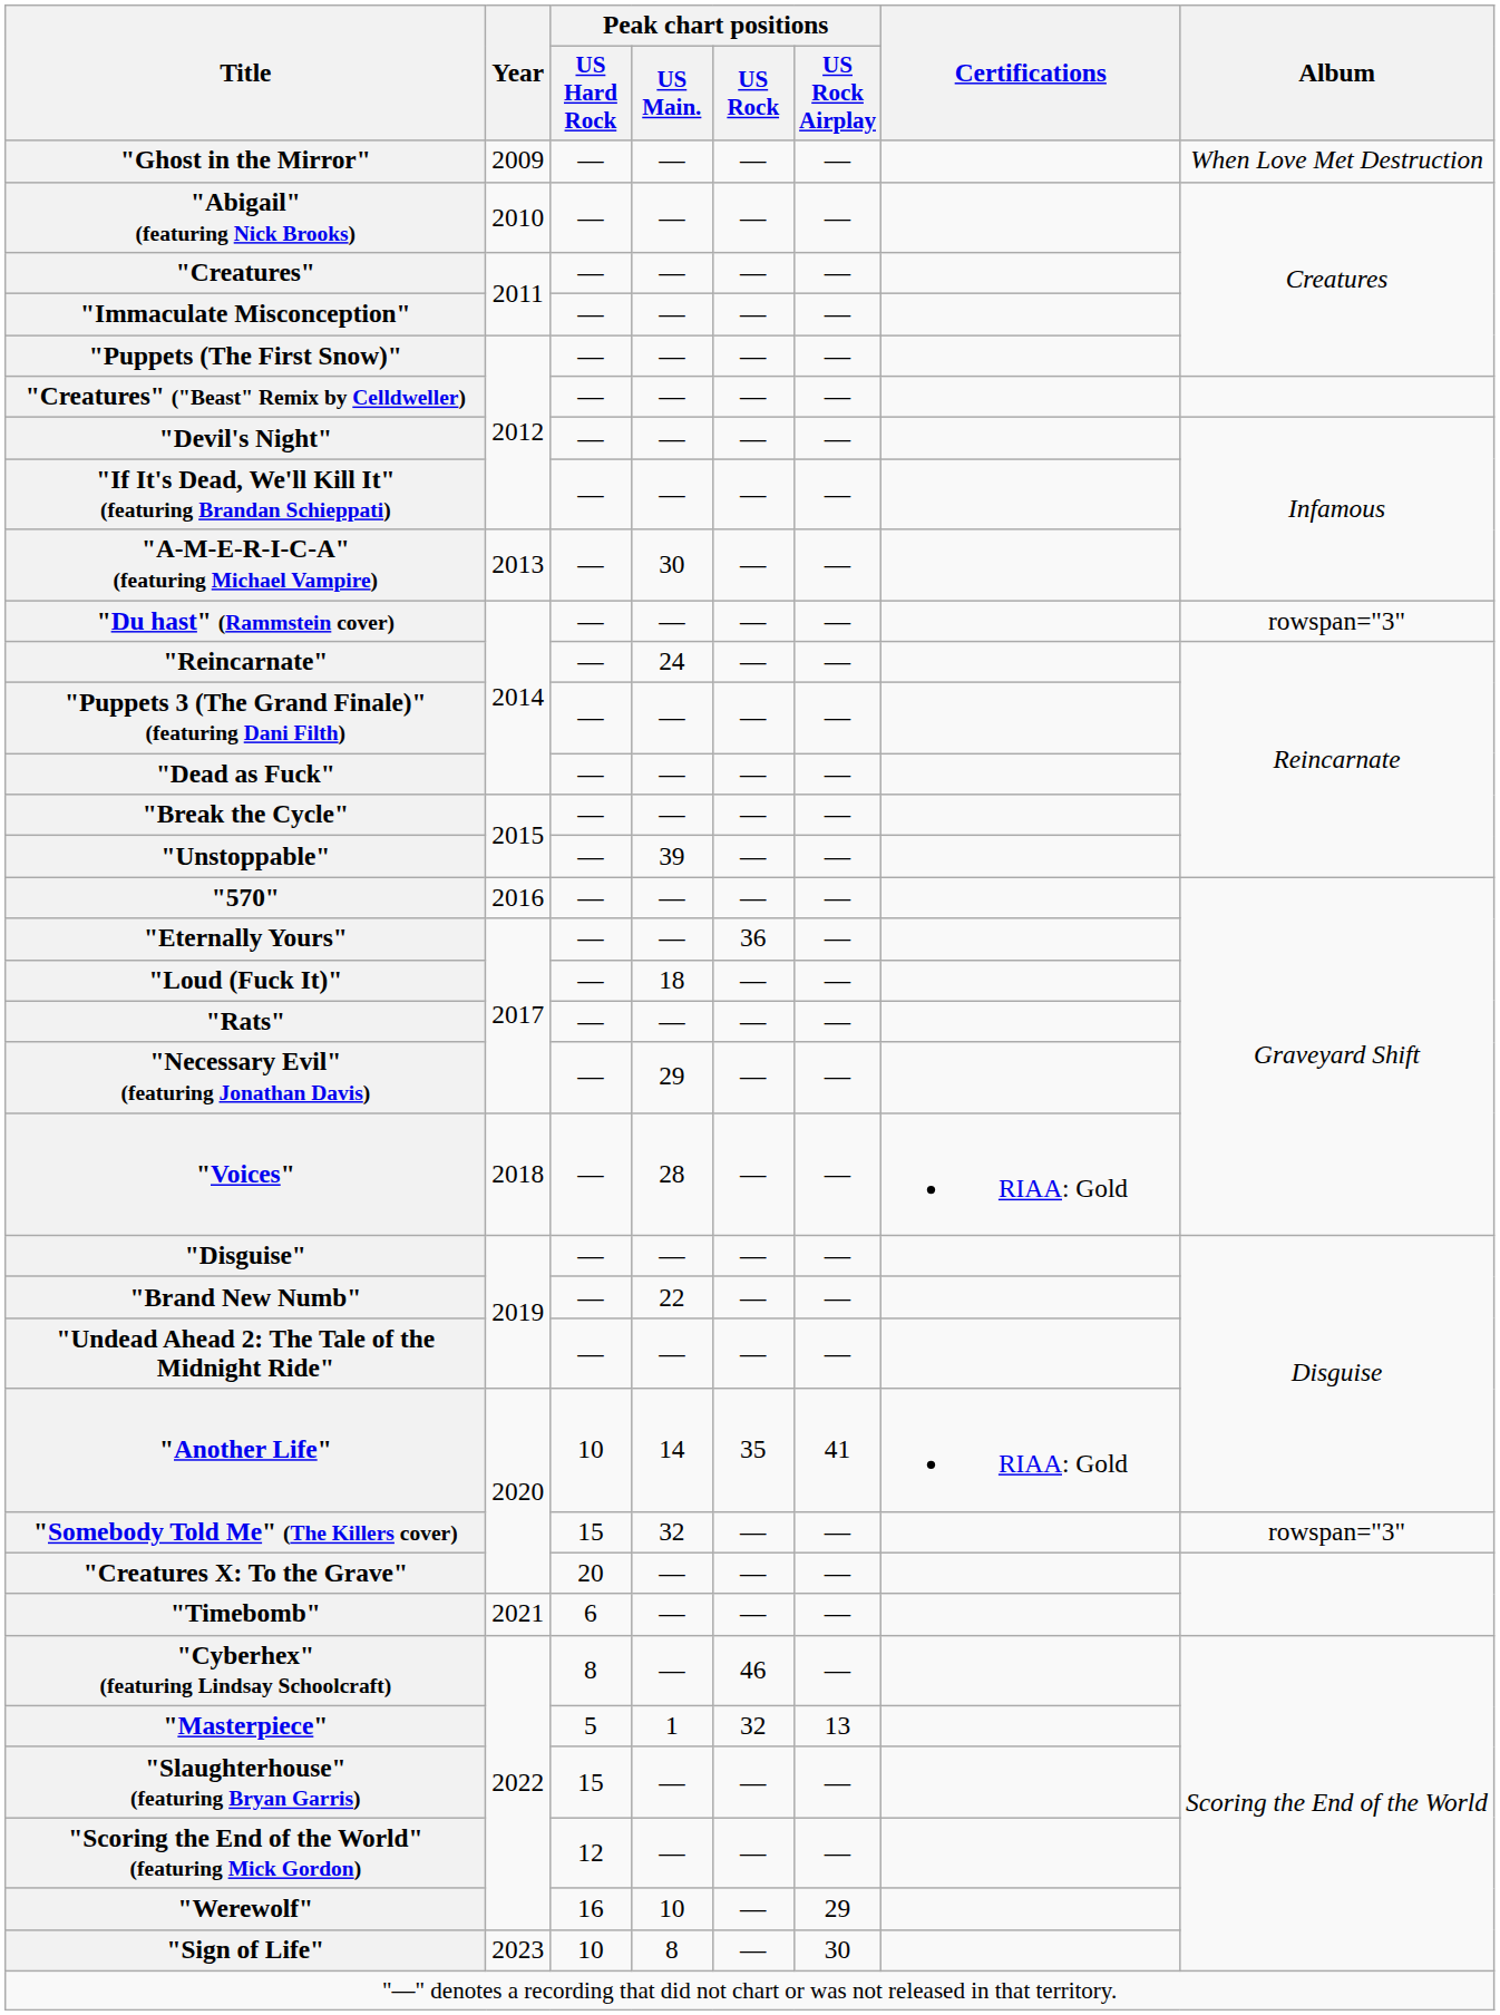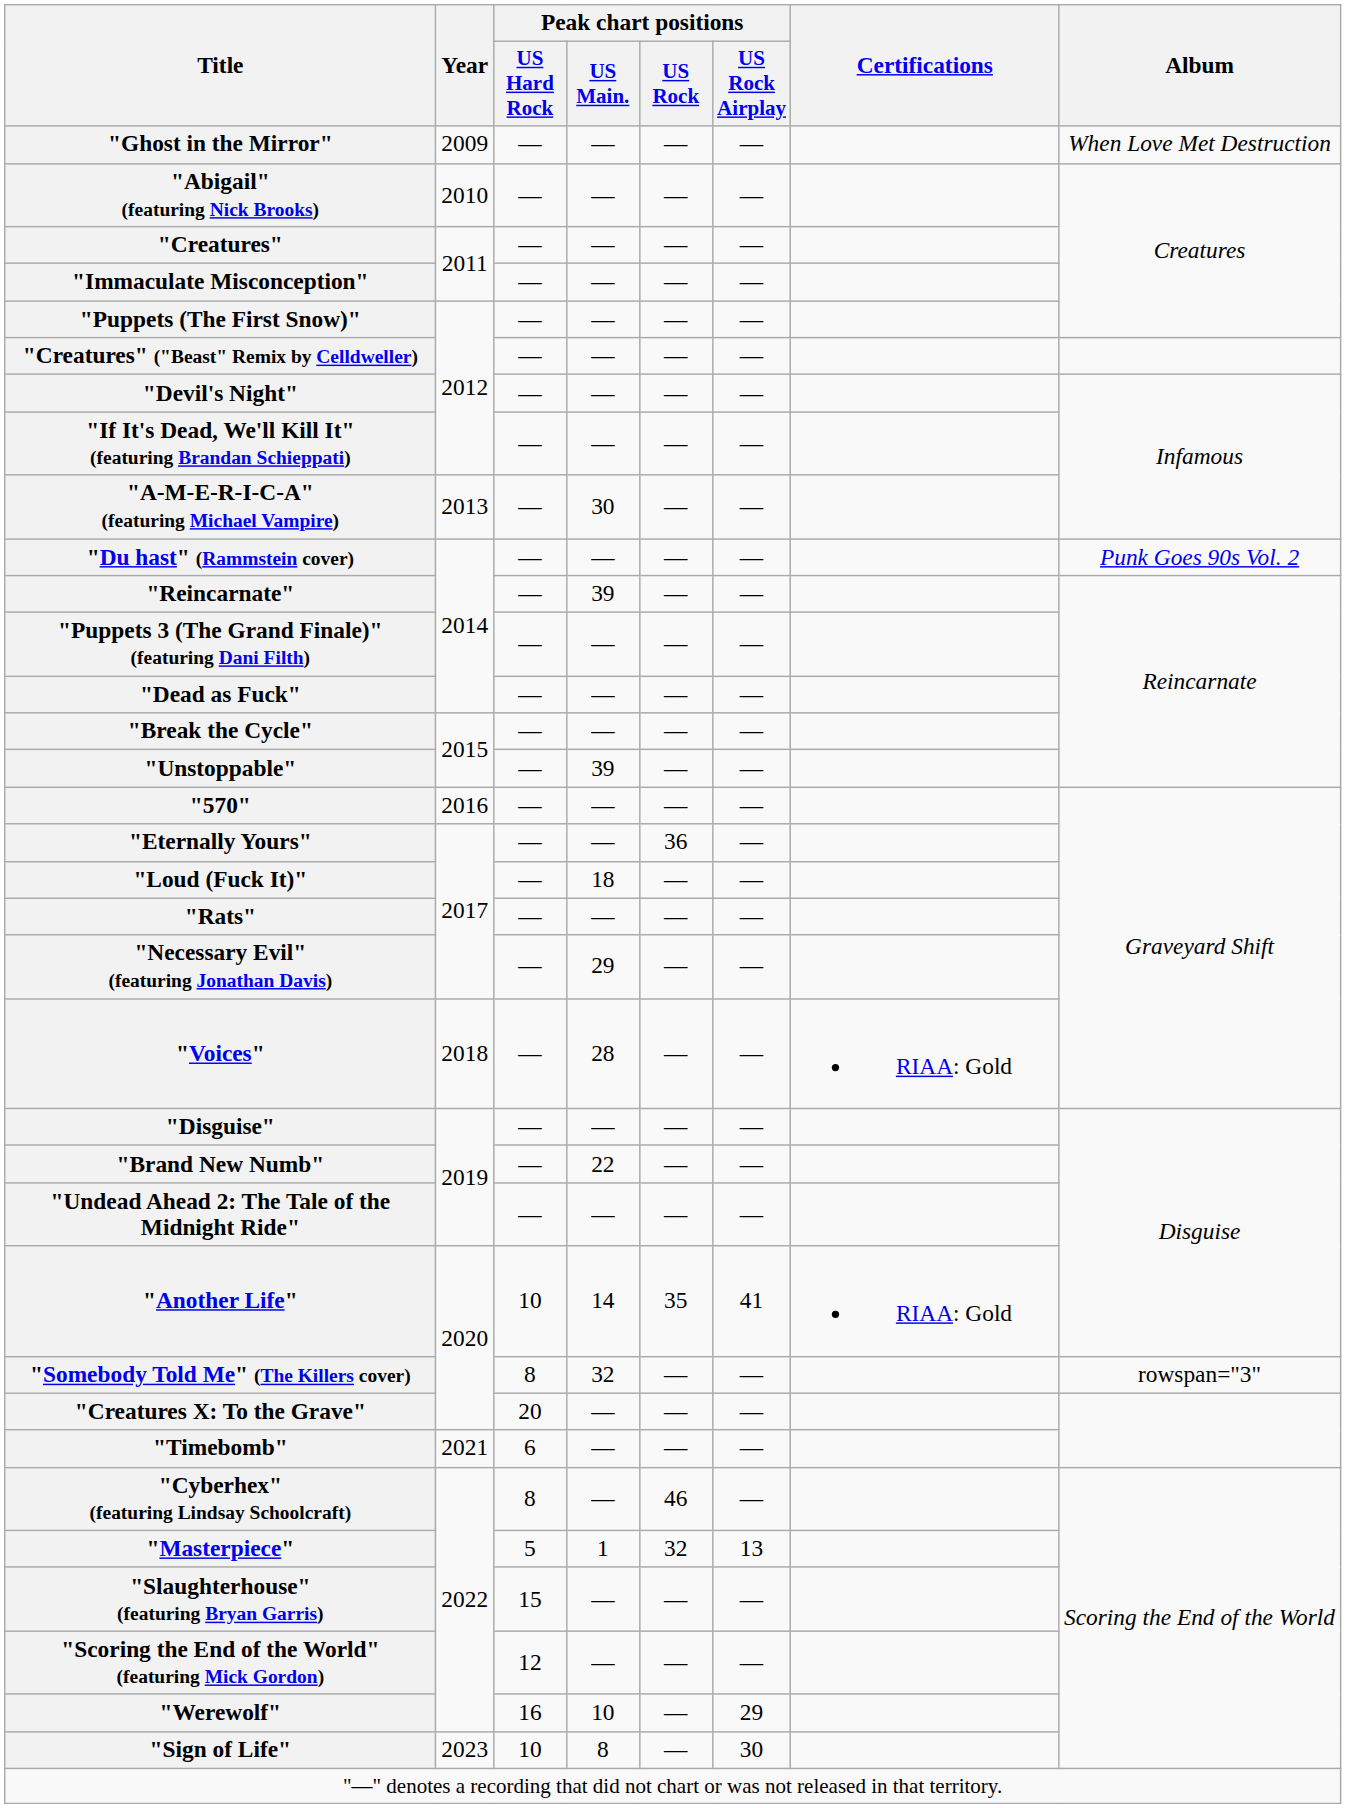 <table class="wikitable plainrowheaders" style="text-align:center;">
 <tr>
 <th scope="col" rowspan="2" style="width:18em;">Title</th>
 <th scope="col" rowspan="2">Year</th>
 <th colspan="4">Peak chart positions</th>
 <th scope="col" rowspan="2" style="width:11em;"><a href='#'>Certifications</a></th>
 <th scope="col" rowspan="2">Album</th>
 </tr>
 <tr>
 <th scope="col" style="width:3em;font-size:90%;"><a href='#'>US<br>Hard<br>Rock</a><br></th>
 <th scope="col" style="width:3em;font-size:90%;"><a href='#'>US<br>Main.</a><br></th>
 <th scope="col" style="width:3em;font-size:90%;"><a href='#'>US<br>Rock</a><br></th>
 <th scope="col" style="width:3em;font-size:90%;"><a href='#'>US<br>Rock<br>Airplay</a><br></th>
 </tr>
 <tr>
 <th scope="row">"Ghost in the Mirror"</th>
 <td>2009</td>
 <td>—</td>
 <td>—</td>
 <td>—</td>
 <td>—</td>
 <td></td>
 <td><em>When Love Met Destruction</em></td>
 </tr>
 <tr>
 <th scope="row">"Abigail"<br><small>(featuring <a href='#'>Nick Brooks</a>)</small></th>
 <td>2010</td>
 <td>—</td>
 <td>—</td>
 <td>—</td>
 <td>—</td>
 <td></td>
 <td rowspan="4"><em>Creatures</em></td>
 </tr>
 <tr>
 <th scope="row">"Creatures"</th>
 <td rowspan="2">2011</td>
 <td>—</td>
 <td>—</td>
 <td>—</td>
 <td>—</td>
 <td></td>
 </tr>
 <tr>
 <th scope="row">"Immaculate Misconception"</th>
 <td>—</td>
 <td>—</td>
 <td>—</td>
 <td>—</td>
 <td></td>
 </tr>
 <tr>
 <th scope="row">"Puppets (The First Snow)"</th>
 <td rowspan="4">2012</td>
 <td>—</td>
 <td>—</td>
 <td>—</td>
 <td>—</td>
 <td></td>
 </tr>
 <tr>
 <th scope="row">"Creatures" <small>("Beast" Remix by <a href='#'>Celldweller</a>)</small></th>
 <td>—</td>
 <td>—</td>
 <td>—</td>
 <td>—</td>
 <td></td>
 <td></td>
 </tr>
 <tr>
 <th scope="row">"Devil's Night"</th>
 <td>—</td>
 <td>—</td>
 <td>—</td>
 <td>—</td>
 <td></td>
 <td rowspan="3"><em>Infamous</em></td>
 </tr>
 <tr>
 <th scope="row">"If It's Dead, We'll Kill It"<br><small>(featuring <a href='#'>Brandan Schieppati</a>)</small></th>
 <td>—</td>
 <td>—</td>
 <td>—</td>
 <td>—</td>
 <td></td>
 </tr>
 <tr>
 <th scope="row">"A-M-E-R-I-C-A"<br><small>(featuring <a href='#'>Michael Vampire</a>)</small></th>
 <td>2013</td>
 <td>—</td>
 <td>30</td>
 <td>—</td>
 <td>—</td>
 <td></td>
 </tr>
 <tr>
 <th scope="row">"<a href='#'>Du hast</a>" <small>(<a href='#'>Rammstein</a> cover)</small></th>
 <td rowspan="4">2014</td>
 <td>—</td>
 <td>—</td>
 <td>—</td>
 <td>—</td>
 <td></td>
-<td>rowspan="3" </td>
+<td><em><a href='#'>Punk Goes 90s Vol. 2</a></em></td>
 </tr>
 <tr>
 <th scope="row">"Reincarnate"</th>
 <td>—</td>
-<td>24</td>
+<td>39</td>
 <td>—</td>
 <td>—</td>
 <td></td>
 <td rowspan="5"><em>Reincarnate</em></td>
 </tr>
 <tr>
 <th scope="row">"Puppets 3 (The Grand Finale)"<br><small>(featuring <a href='#'>Dani Filth</a>)</small></th>
 <td>—</td>
 <td>—</td>
 <td>—</td>
 <td>—</td>
 <td></td>
 </tr>
 <tr>
 <th scope="row">"Dead as Fuck"</th>
 <td>—</td>
 <td>—</td>
 <td>—</td>
 <td>—</td>
 <td></td>
 </tr>
 <tr>
 <th scope="row">"Break the Cycle"</th>
 <td rowspan="2">2015</td>
 <td>—</td>
 <td>—</td>
 <td>—</td>
 <td>—</td>
 <td></td>
 </tr>
 <tr>
 <th scope="row">"Unstoppable"</th>
 <td>—</td>
 <td>39</td>
 <td>—</td>
 <td>—</td>
 <td></td>
 </tr>
 <tr>
 <th scope="row">"570"</th>
 <td>2016</td>
 <td>—</td>
 <td>—</td>
 <td>—</td>
 <td>—</td>
 <td></td>
 <td rowspan="6"><em>Graveyard Shift</em></td>
 </tr>
 <tr>
 <th scope="row">"Eternally Yours"</th>
 <td rowspan="4">2017</td>
 <td>—</td>
 <td>—</td>
 <td>36</td>
 <td>—</td>
 <td></td>
 </tr>
 <tr>
 <th scope="row">"Loud (Fuck It)"</th>
 <td>—</td>
 <td>18</td>
 <td>—</td>
 <td>—</td>
 <td></td>
 </tr>
 <tr>
 <th scope="row">"Rats"</th>
 <td>—</td>
 <td>—</td>
 <td>—</td>
 <td>—</td>
 <td></td>
 </tr>
 <tr>
 <th scope="row">"Necessary Evil"<br><small>(featuring <a href='#'>Jonathan Davis</a>)</small></th>
 <td>—</td>
 <td>29</td>
 <td>—</td>
 <td>—</td>
 <td></td>
 </tr>
 <tr>
 <th scope="row">"<a href='#'>Voices</a>"</th>
 <td>2018</td>
 <td>—</td>
 <td>28</td>
 <td>—</td>
 <td>—</td>
 <td><br><ul><li><a href='#'>RIAA</a>: Gold</li></ul></td>
 </tr>
 <tr>
 <th scope="row">"Disguise"</th>
 <td rowspan="3">2019</td>
 <td>—</td>
 <td>—</td>
 <td>—</td>
 <td>—</td>
 <td></td>
 <td rowspan="4"><em>Disguise</em></td>
 </tr>
 <tr>
 <th scope="row">"Brand New Numb"</th>
 <td>—</td>
 <td>22</td>
 <td>—</td>
 <td>—</td>
 <td></td>
 </tr>
 <tr>
 <th scope="row">"Undead Ahead 2: The Tale of the Midnight Ride"</th>
 <td>—</td>
 <td>—</td>
 <td>—</td>
 <td>—</td>
 <td></td>
 </tr>
 <tr>
 <th scope="row">"<a href='#'>Another Life</a>"</th>
 <td rowspan="3">2020</td>
 <td>10</td>
 <td>14</td>
 <td>35</td>
 <td>41</td>
 <td><br><ul><li><a href='#'>RIAA</a>: Gold</li></ul></td>
 </tr>
 <tr>
 <th scope="row">"<a href='#'>Somebody Told Me</a>" <small>(<a href='#'>The Killers</a> cover)</small></th>
-<td>15</td>
+<td>8</td>
 <td>32</td>
 <td>—</td>
 <td>—</td>
 <td></td>
 <td>rowspan="3" </td>
 </tr>
 <tr>
 <th scope="row">"Creatures X: To the Grave"</th>
 <td>20</td>
 <td>—</td>
 <td>—</td>
 <td>—</td>
 <td></td>
 </tr>
 <tr>
 <th scope="row">"Timebomb"</th>
 <td>2021</td>
 <td>6</td>
 <td>—</td>
 <td>—</td>
 <td>—</td>
 <td></td>
 </tr>
 <tr>
 <th scope="row">"Cyberhex"<br><small>(featuring Lindsay Schoolcraft)</small></th>
 <td rowspan="5">2022</td>
 <td>8</td>
 <td>—</td>
 <td>46</td>
 <td>—</td>
 <td></td>
 <td rowspan="6"><em>Scoring the End of the World</em></td>
 </tr>
 <tr>
 <th scope="row">"<a href='#'>Masterpiece</a>"</th>
 <td>5</td>
 <td>1</td>
 <td>32</td>
 <td>13</td>
 <td></td>
 </tr>
 <tr>
 <th scope="row">"Slaughterhouse"<br><small>(featuring <a href='#'>Bryan Garris</a>)</small></th>
 <td>15</td>
 <td>—</td>
 <td>—</td>
 <td>—</td>
 <td></td>
 </tr>
 <tr>
 <th scope="row">"Scoring the End of the World"<br><small>(featuring <a href='#'>Mick Gordon</a>)</small></th>
 <td>12</td>
 <td>—</td>
 <td>—</td>
 <td>—</td>
 <td></td>
 </tr>
 <tr>
 <th scope="row">"Werewolf"</th>
 <td>16</td>
 <td>10</td>
 <td>—</td>
 <td>29</td>
 <td></td>
 </tr>
 <tr>
 <th scope="row">"Sign of Life"</th>
 <td>2023</td>
 <td>10</td>
 <td>8</td>
 <td>—</td>
 <td>30</td>
 <td></td>
 </tr>
 <tr>
 <td colspan="8" style="font-size:90%">"—" denotes a recording that did not chart or was not released in that territory.</td>
 </tr>
 </table>
